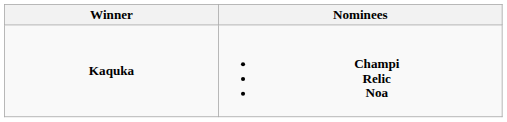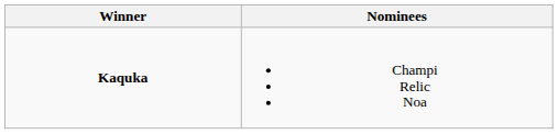 <table class="wikitable" style="text-align:center;">
 <tr>
 <th scope="col" style="width:19em;">Winner</th>
 <th scope="col" style="width:25em;">Nominees</th>
 </tr>
 <tr>
 <td><strong> Kaquka</strong></td>
-<td><strong><br><ul><li> Champi</li><li> Relic</li><li> Noa</li></ul></strong></td>
+<td><br><ul><li> Champi</li><li> Relic</li><li> Noa</li></ul></td>
 </tr>
 </table>
